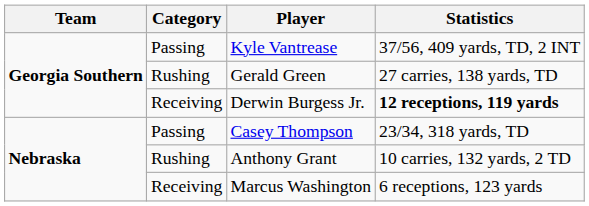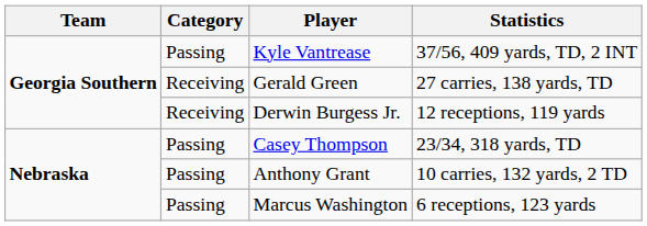 <table class="wikitable" style="float: right;">
 <tr>
 <th>Team</th>
 <th>Category</th>
 <th>Player</th>
 <th>Statistics</th>
 </tr>
 <tr>
 <td rowspan=3><strong>Georgia Southern</strong></td>
 <td>Passing</td>
 <td><a href='#'>Kyle Vantrease</a></td>
 <td>37/56, 409 yards, TD, 2 INT</td>
 </tr>
 <tr>
-<td>Rushing</td>
+<td>Receiving</td>
 <td>Gerald Green</td>
 <td>27 carries, 138 yards, TD</td>
 </tr>
 <tr>
 <td>Receiving</td>
 <td>Derwin Burgess Jr.</td>
-<td><strong>12 receptions, 119 yards</strong></td>
+<td>12 receptions, 119 yards</td>
 </tr>
 <tr>
 <td rowspan=3><strong>Nebraska</strong></td>
 <td>Passing</td>
 <td><a href='#'>Casey Thompson</a></td>
 <td>23/34, 318 yards, TD</td>
 </tr>
 <tr>
-<td>Rushing</td>
+<td>Passing</td>
 <td>Anthony Grant</td>
 <td>10 carries, 132 yards, 2 TD</td>
 </tr>
 <tr>
-<td>Receiving</td>
+<td>Passing</td>
 <td>Marcus Washington</td>
 <td>6 receptions, 123 yards</td>
 </tr>
 </table>
